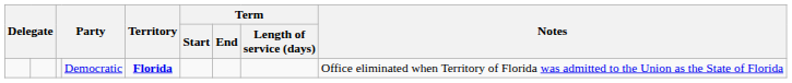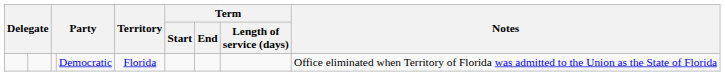 <table class="wikitable sortable" style="text-align:center">
 <tr>
 <th rowspan=2 colspan=2>Delegate</th>
 <th rowspan=2 colspan=2>Party</th>
 <th rowspan=2>Territory</th>
 <th colspan=3>Term</th>
 <th rowspan=2>Notes</th>
 </tr>
 <tr>
 <th>Start</th>
 <th>End</th>
 <th>Length of<br>service (days)</th>
 </tr>
 <tr>
 <td data-sort-value="Yulee, David Levy"></td>
 <td><strong></strong><br></td>
 <td style="background-color:"></td>
 <td><a href='#'>Democratic</a></td>
-<td><strong><a href='#'>Florida</a></strong></td>
+<td><a href='#'>Florida</a></td>
 <td></td>
 <td></td>
 <td></td>
 <td>Office eliminated when Territory of Florida <a href='#'>was admitted to the Union as the State of Florida</a></td>
 </tr>
 </table>
